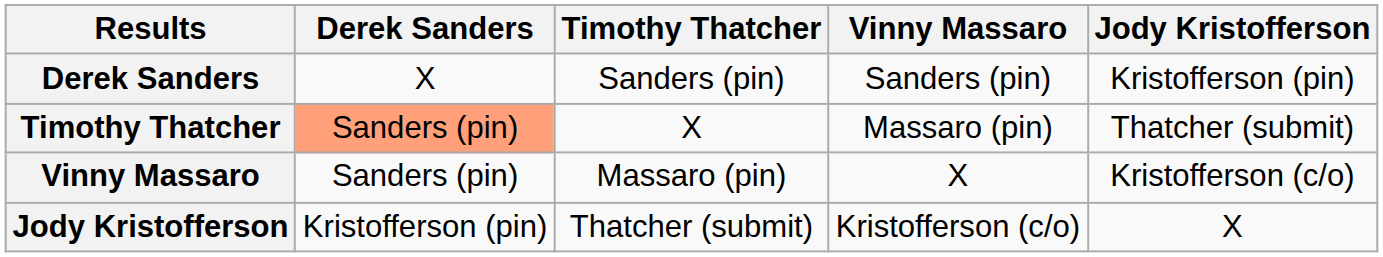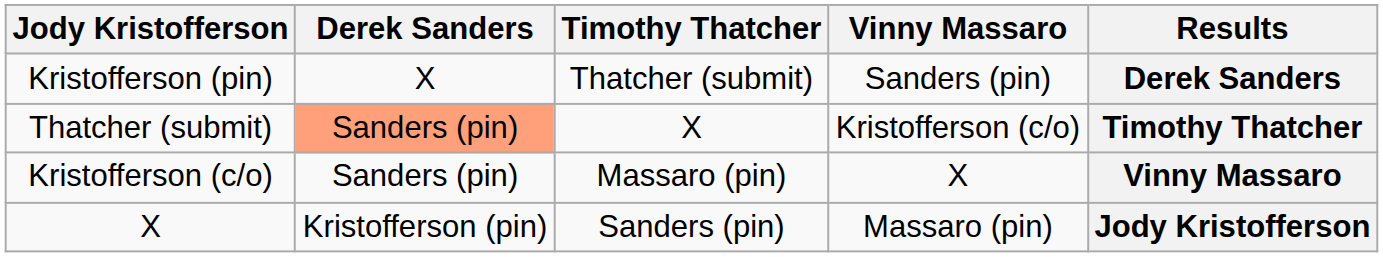 <table class="wikitable" style="text-align:center; margin: 1em auto 1em auto">
 <tr>
-<th>Results</th>
+<th>Jody Kristofferson</th>
 <th>Derek Sanders</th>
 <th>Timothy Thatcher</th>
 <th>Vinny Massaro</th>
-<th>Jody Kristofferson</th>
+<th>Results</th>
 </tr>
 <tr>
+<td>Kristofferson (pin)</td>
+<td>X</td>
+<td>Thatcher (submit)</td>
+<td>Sanders (pin)</td>
 <th>Derek Sanders</th>
-<td>X</td>
-<td>Sanders (pin)</td>
-<td>Sanders (pin)</td>
-<td>Kristofferson (pin)</td>
 </tr>
 <tr>
-<th>Timothy Thatcher</th>
+<td>Thatcher (submit)</td>
 <td style="background: lightsalmon;">Sanders (pin)</td>
 <td>X</td>
-<td>Massaro (pin)</td>
-<td>Thatcher (submit)</td>
+<td>Kristofferson (c/o)</td>
+<th>Timothy Thatcher</th>
 </tr>
 <tr>
-<th>Vinny Massaro</th>
+<td>Kristofferson (c/o)</td>
 <td>Sanders (pin)</td>
 <td>Massaro (pin)</td>
 <td>X</td>
-<td>Kristofferson (c/o)</td>
+<th>Vinny Massaro</th>
 </tr>
 <tr>
+<td>X</td>
+<td>Kristofferson (pin)</td>
+<td>Sanders (pin)</td>
+<td>Massaro (pin)</td>
 <th>Jody Kristofferson</th>
-<td>Kristofferson (pin)</td>
-<td>Thatcher (submit)</td>
-<td>Kristofferson (c/o)</td>
-<td>X</td>
 </tr>
 </table>
